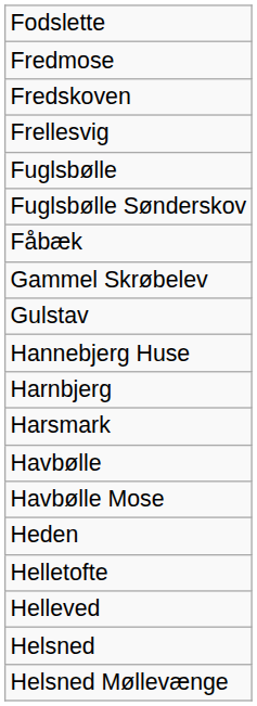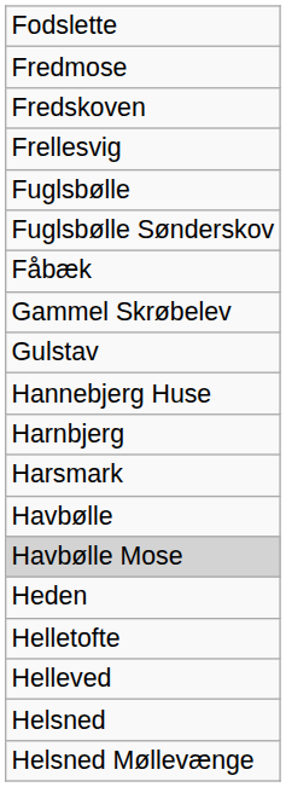 <table class="wikitable" style="float:left; margin-right:1em">
 <tr>
 <td>Fodslette</td>
 </tr>
 <tr>
 <td>Fredmose</td>
 </tr>
 <tr>
 <td>Fredskoven</td>
 </tr>
 <tr>
 <td>Frellesvig</td>
 </tr>
 <tr>
 <td>Fuglsbølle</td>
 </tr>
 <tr>
 <td>Fuglsbølle Sønderskov</td>
 </tr>
 <tr>
 <td>Fåbæk</td>
 </tr>
 <tr>
 <td>Gammel Skrøbelev</td>
 </tr>
 <tr>
 <td>Gulstav</td>
 </tr>
 <tr>
 <td>Hannebjerg Huse</td>
 </tr>
 <tr>
 <td>Harnbjerg</td>
 </tr>
 <tr>
 <td>Harsmark</td>
 </tr>
 <tr>
 <td>Havbølle</td>
 </tr>
 <tr>
-<td>Havbølle Mose</td>
+<td style="background: lightgrey;">Havbølle Mose</td>
 </tr>
 <tr>
 <td>Heden</td>
 </tr>
 <tr>
 <td>Helletofte</td>
 </tr>
 <tr>
 <td>Helleved</td>
 </tr>
 <tr>
 <td>Helsned</td>
 </tr>
 <tr>
 <td>Helsned Møllevænge</td>
 </tr>
 </table>
